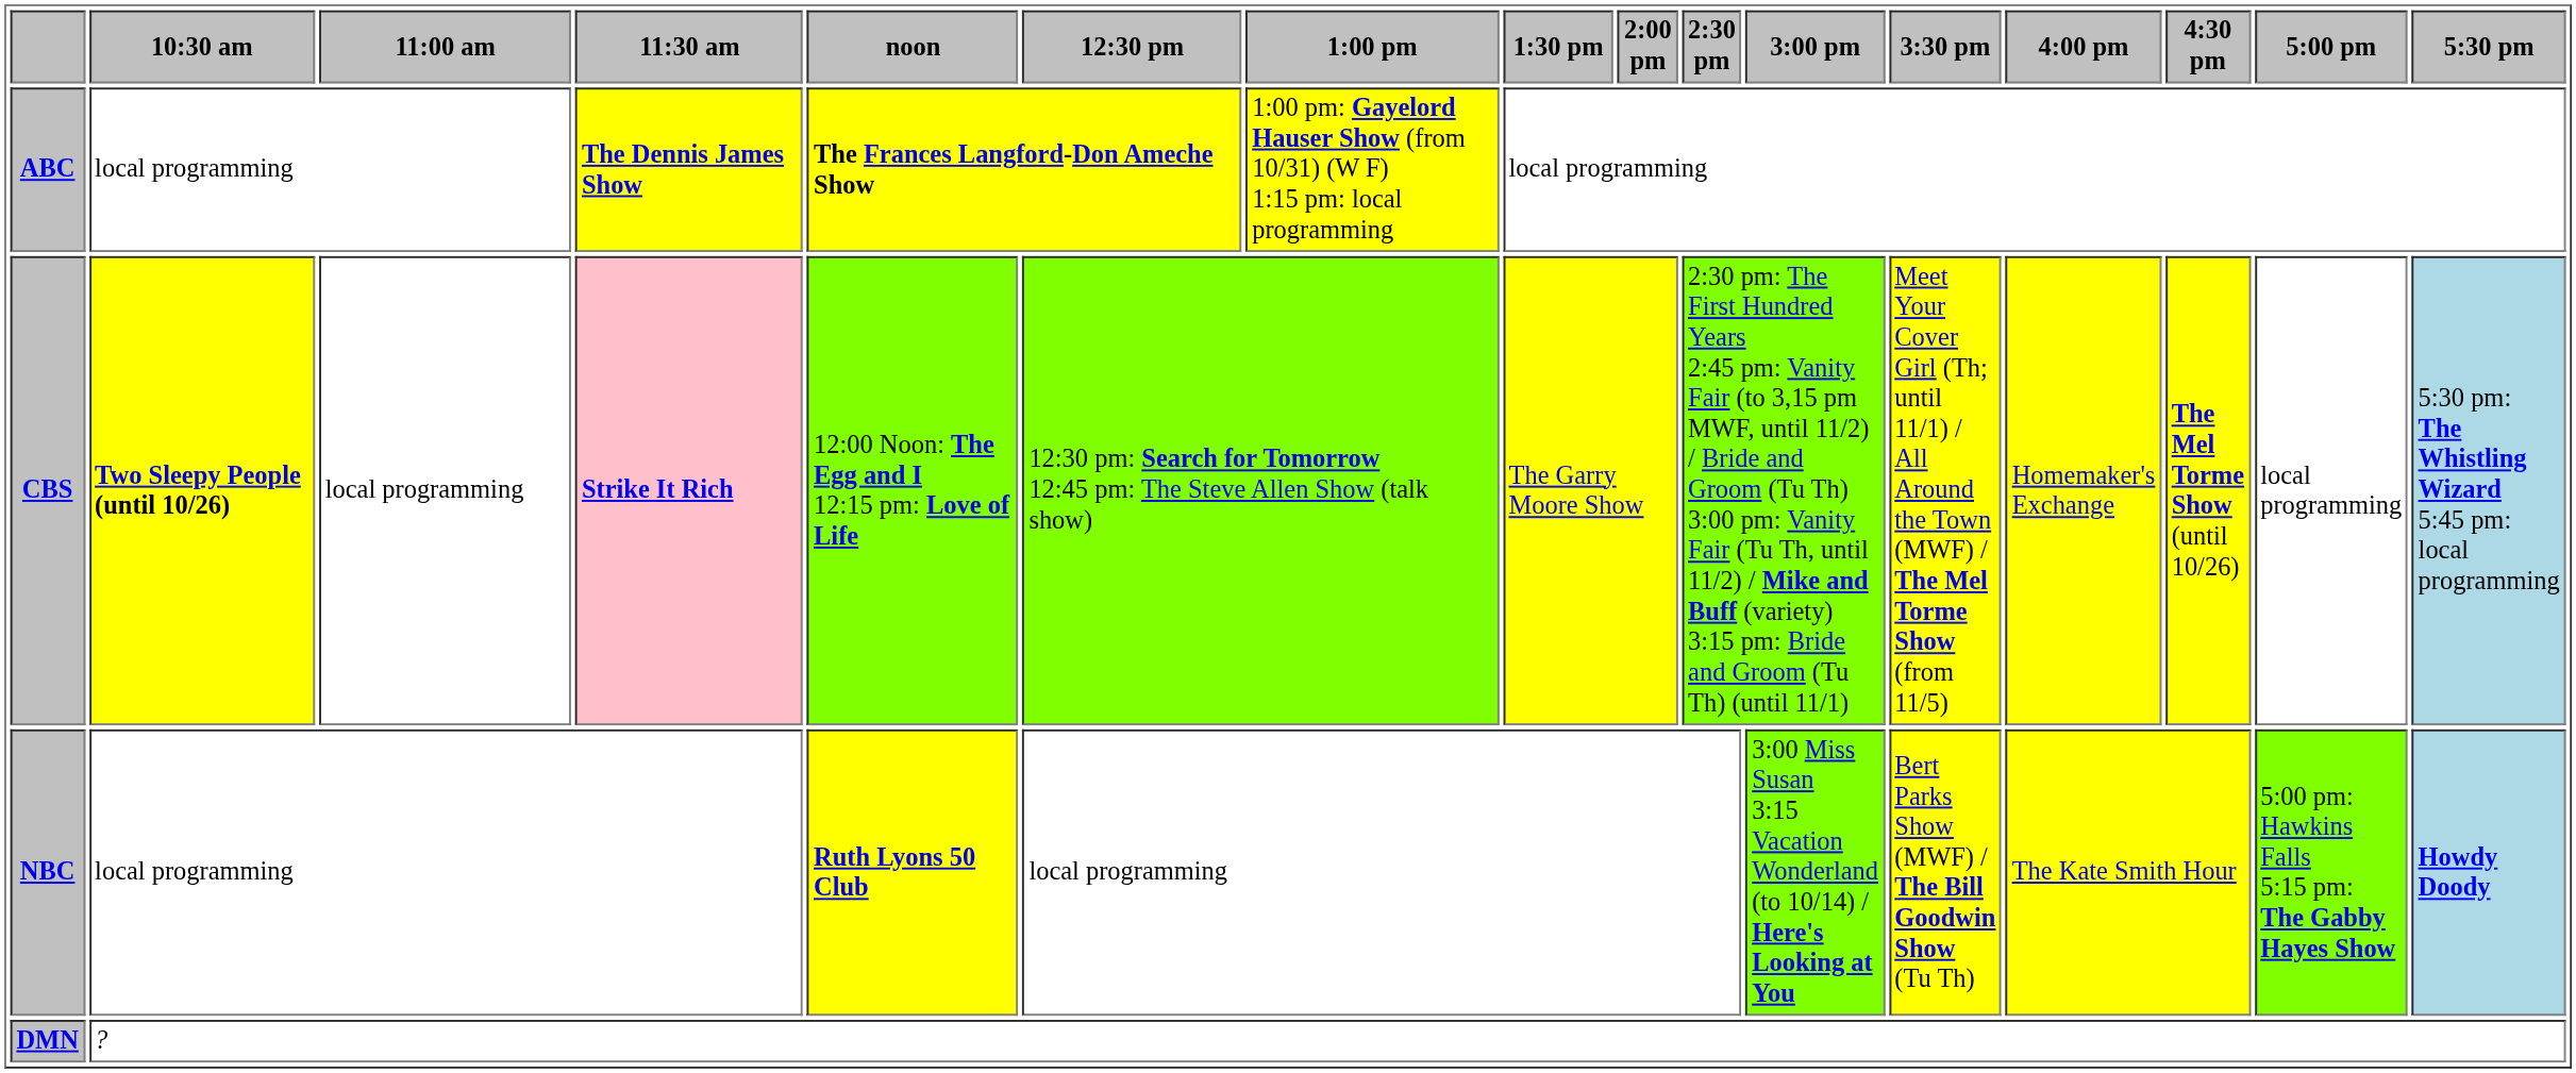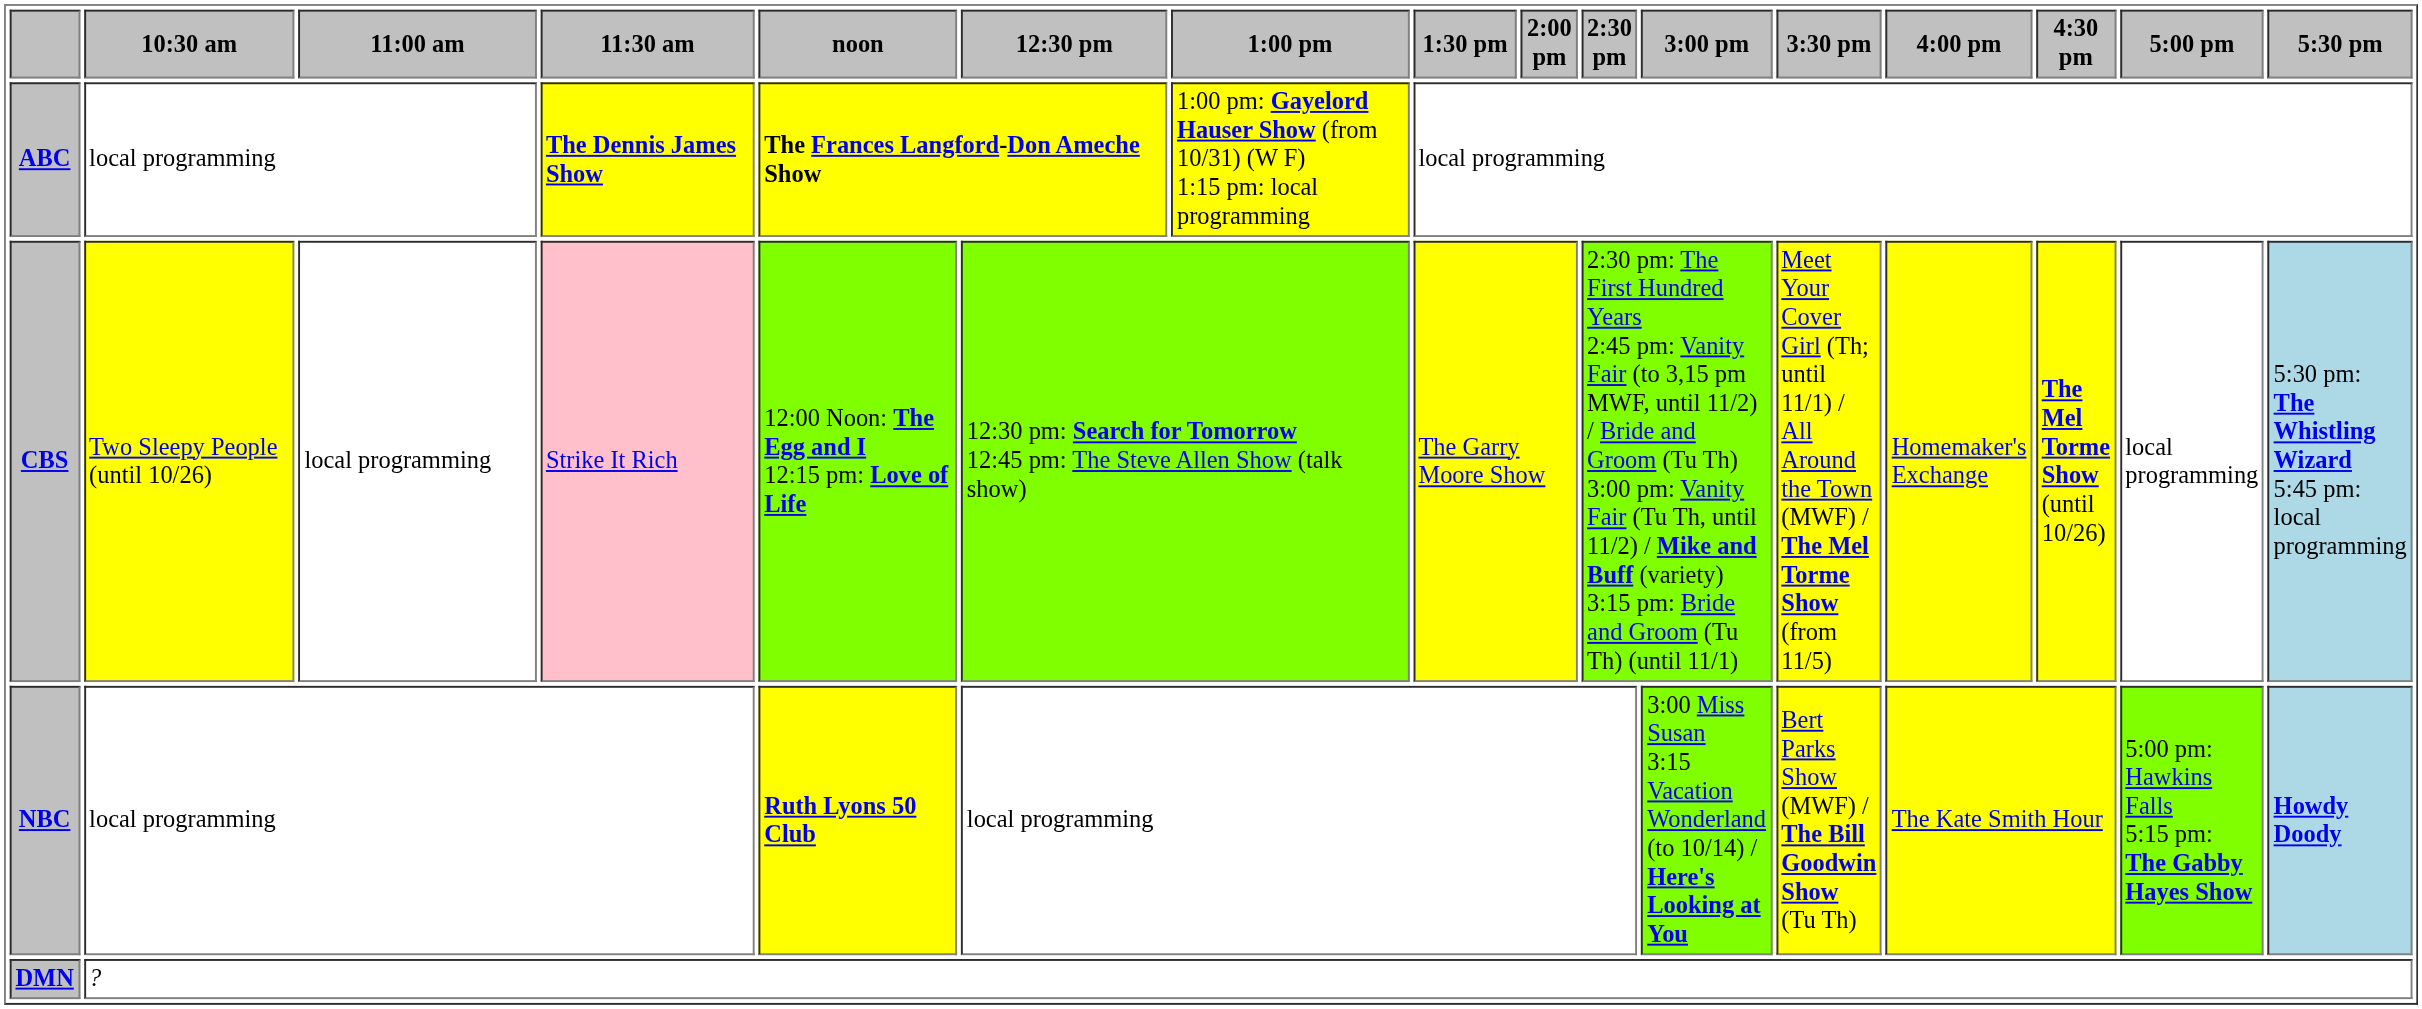 <table border="1" cellpadding="2" style="font-size:80%">
 <tr>
 <th bgcolor="#C0C0C0"> </th>
 <th width="16%" bgcolor="#C0C0C0">10:30 am</th>
 <th width="15%" bgcolor="#C0C0C0">11:00 am</th>
 <th width="16%" bgcolor="#C0C0C0">11:30 am</th>
 <th width="15%" bgcolor="#C0C0C0">noon</th>
 <th width="16%" bgcolor="#C0C0C0">12:30 pm</th>
 <th width="15%" bgcolor="#C0C0C0">1:00 pm</th>
 <th width="16%" bgcolor="#C0C0C0">1:30 pm</th>
 <th width="15%" bgcolor="#C0C0C0">2:00 pm</th>
 <th width="16%" bgcolor="#C0C0C0">2:30 pm</th>
 <th width="15%" bgcolor="#C0C0C0">3:00 pm</th>
 <th width="16%" bgcolor="#C0C0C0">3:30 pm</th>
 <th width="15%" bgcolor="#C0C0C0">4:00 pm</th>
 <th width="16%" bgcolor="#C0C0C0">4:30 pm</th>
 <th width="15%" bgcolor="#C0C0C0">5:00 pm</th>
 <th width="16%" bgcolor="#C0C0C0">5:30 pm</th>
 </tr>
 <tr>
 <th bgcolor="#C0C0C0"><a href='#'>ABC</a></th>
 <td bgcolor="white" colspan="2">local programming</td>
 <td bgcolor="yellow"><strong><a href='#'>The Dennis James Show</a></strong></td>
 <td bgcolor="yellow" colspan="2"><strong>The <a href='#'>Frances Langford</a>-<a href='#'>Don Ameche</a> Show</strong></td>
 <td bgcolor="yellow">1:00 pm: <strong><a href='#'>Gayelord Hauser Show</a></strong> (from 10/31) (W F)<br>1:15 pm: local programming</td>
 <td bgcolor="white" colspan="9">local programming</td>
 </tr>
 <tr>
 <th bgcolor="#C0C0C0"><a href='#'>CBS</a></th>
-<td bgcolor="yellow"><strong><a href='#'>Two Sleepy People</a> (until 10/26)</strong></td>
+<td bgcolor="yellow"><a href='#'>Two Sleepy People</a> (until 10/26)</td>
 <td bgcolor="white">local programming</td>
-<td bgcolor="pink"><strong><a href='#'>Strike It Rich</a></strong></td>
+<td bgcolor="pink"><a href='#'>Strike It Rich</a></td>
 <td bgcolor="chartreuse">12:00 Noon: <strong><a href='#'>The Egg and I</a></strong><br>12:15 pm: <strong><a href='#'>Love of Life</a></strong></td>
 <td bgcolor="chartreuse" colspan="2">12:30 pm: <strong><a href='#'>Search for Tomorrow</a></strong><br>12:45 pm: <a href='#'>The Steve Allen Show</a> (talk show)</td>
 <td bgcolor="yellow" colspan="2"><a href='#'>The Garry Moore Show</a></td>
 <td bgcolor="chartreuse" colspan="2">2:30 pm: <a href='#'>The First Hundred Years</a><br>2:45 pm: <a href='#'>Vanity Fair</a> (to 3,15 pm MWF, until 11/2) / <a href='#'>Bride and Groom</a> (Tu Th) 3:00 pm: <a href='#'>Vanity Fair</a> (Tu Th, until 11/2) / <strong><a href='#'>Mike and Buff</a></strong> (variety) 3:15 pm: <a href='#'>Bride and Groom</a> (Tu Th) (until 11/1)</td>
 <td bgcolor="yellow"><a href='#'>Meet Your Cover Girl</a> (Th; until 11/1) / <a href='#'>All Around the Town</a> (MWF) / <strong><a href='#'>The Mel Torme Show</a></strong> (from 11/5)</td>
 <td bgcolor="yellow"><a href='#'>Homemaker's Exchange</a></td>
 <td bgcolor="yellow"><strong><a href='#'>The Mel Torme Show</a></strong> (until 10/26)</td>
 <td bgcolor="white">local programming</td>
 <td bgcolor="lightblue">5:30 pm: <strong><a href='#'>The Whistling Wizard</a></strong><br>5:45 pm: local programming</td>
 </tr>
 <tr>
 <th bgcolor="#C0C0C0"><a href='#'>NBC</a></th>
 <td bgcolor="white" colspan="3">local programming</td>
 <td bgcolor="yellow"><strong><a href='#'>Ruth Lyons 50 Club</a></strong></td>
 <td bgcolor="white" colspan="5">local programming</td>
 <td bgcolor="chartreuse">3:00 <a href='#'>Miss Susan</a><br>3:15 <a href='#'>Vacation Wonderland</a> (to 10/14) / <strong><a href='#'>Here's Looking at You</a></strong></td>
 <td bgcolor="yellow"><a href='#'>Bert Parks Show</a> (MWF) / <strong><a href='#'>The Bill Goodwin Show</a></strong> (Tu Th)</td>
 <td bgcolor="yellow" colspan="2"><a href='#'>The Kate Smith Hour</a></td>
 <td bgcolor="chartreuse">5:00 pm: <a href='#'>Hawkins Falls</a><br>5:15 pm: <strong><a href='#'>The Gabby Hayes Show</a></strong></td>
 <td bgcolor="lightblue"><strong><a href='#'>Howdy Doody</a></strong></td>
 </tr>
 <tr>
 <th bgcolor="#C0C0C0"><a href='#'>DMN</a></th>
 <td bgcolor="white" colspan="15"><em>?</em></td>
 </tr>
 </table>
